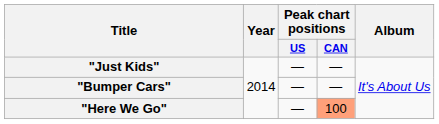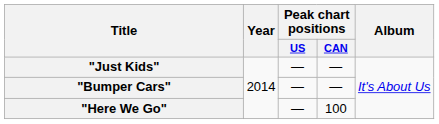 <table class="wikitable plainrowheaders" style="text-align:center;">
 <tr>
 <th scope="col" rowspan="2" style="width:18em;">Title</th>
 <th scope="col" rowspan="2">Year</th>
 <th scope="col" colspan="2">Peak chart positions </th>
 <th scope="col" rowspan="2">Album</th>
 </tr>
 <tr>
 <th scope="col" style="width:3em;font-size:85%;"><a href='#'>US</a></th>
 <th scope="col" style="width:3em;font-size:85%;"><a href='#'>CAN</a></th>
 </tr>
 <tr>
 <th scope="row">"Just Kids"</th>
 <td rowspan="3">2014</td>
 <td>—</td>
 <td>—</td>
 <td rowspan="3"><em><a href='#'>It's About Us</a></em></td>
 </tr>
 <tr>
 <th scope="row">"Bumper Cars"</th>
 <td>—</td>
 <td>—</td>
 </tr>
 <tr>
 <th scope="row">"Here We Go"</th>
 <td>—</td>
-<td style="background: lightsalmon;">100</td>
+<td>100</td>
 </tr>
 </table>
